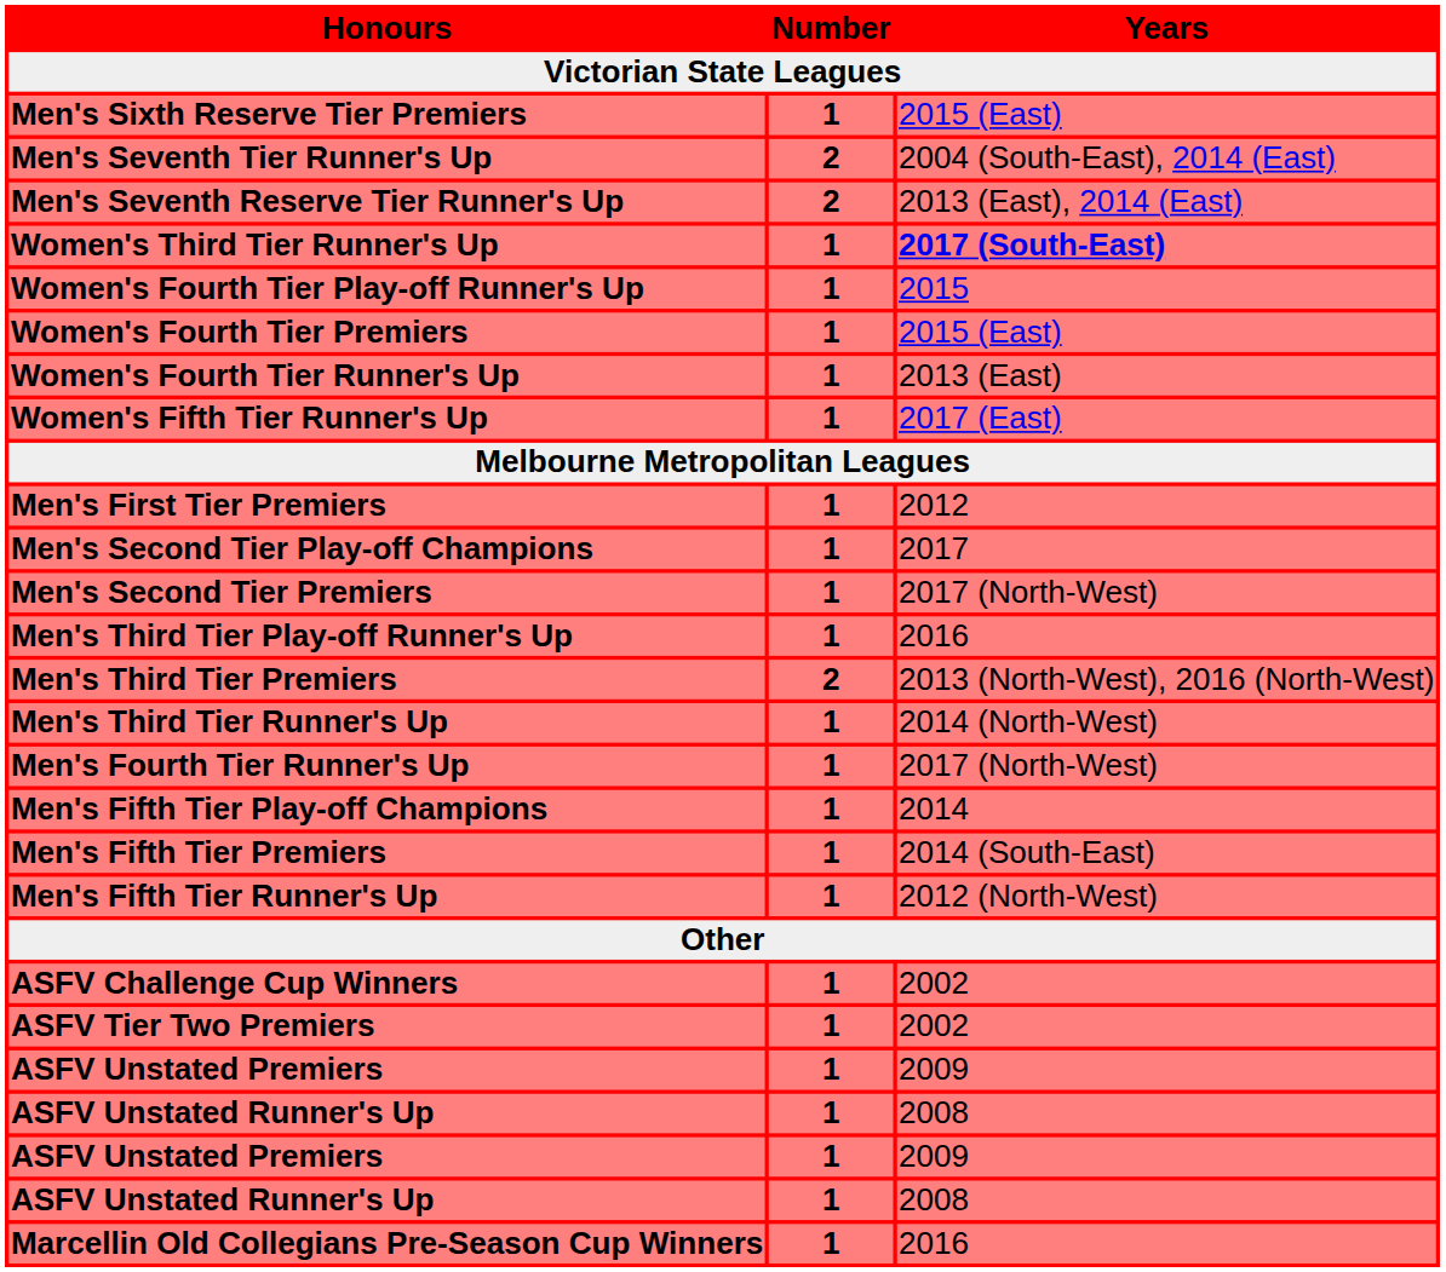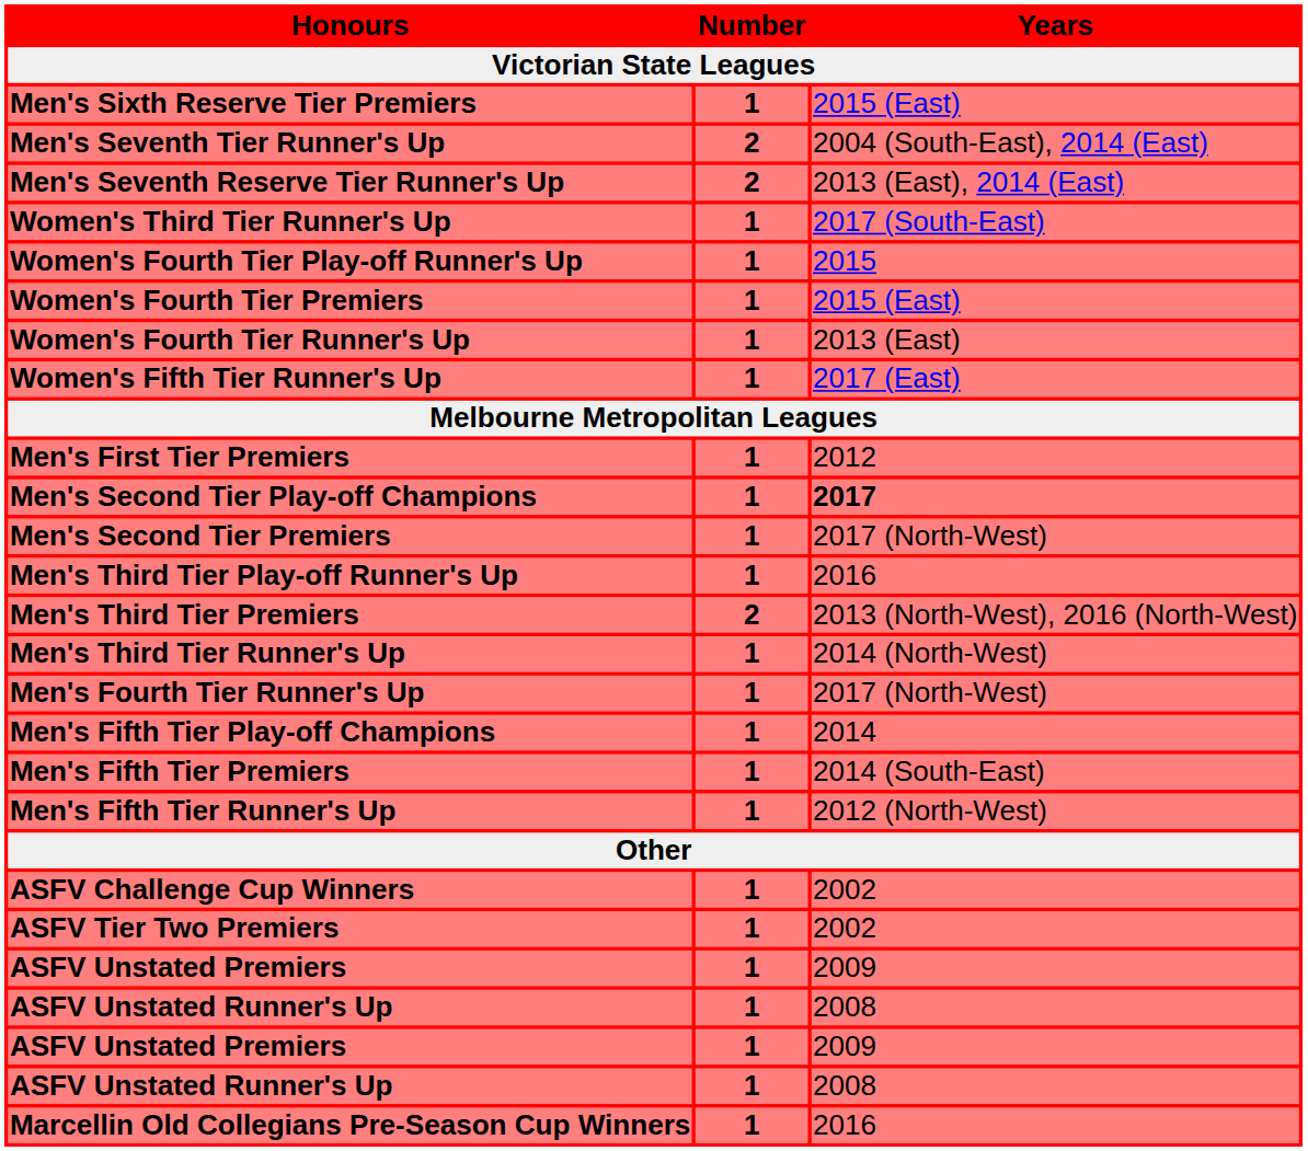 <table - style="background:#FF0000;">
 <tr>
 <th><span>  <strong>Honours</strong></span></th>
 <th><span>   <strong>Number</strong></span></th>
 <th><span> <strong>Years</strong></span></th>
 </tr>
 <tr>
 <th colspan="6" style="background:#efefef;"><strong>Victorian State Leagues</strong></th>
 </tr>
 <tr style="background:#FF7F7F;">
 <td><strong>Men's Sixth Reserve Tier Premiers</strong></td>
 <td align=center><strong>1</strong></td>
 <td><a href='#'>2015 (East)</a></td>
 </tr>
 <tr style="background:#FF7F7F;">
 <td><strong>Men's Seventh Tier Runner's Up</strong></td>
 <td align=center><strong>2</strong></td>
 <td>2004 (South-East), <a href='#'>2014 (East)</a></td>
 </tr>
 <tr style="background:#FF7F7F;">
 <td><strong>Men's Seventh Reserve Tier Runner's Up</strong></td>
 <td align=center><strong>2</strong></td>
 <td>2013 (East), <a href='#'>2014 (East)</a></td>
 </tr>
 <tr style="background:#FF7F7F;">
 <td><strong>Women's Third Tier Runner's Up</strong></td>
 <td align=center><strong>1</strong></td>
-<td><strong><a href='#'>2017 (South-East)</a></strong></td>
+<td><a href='#'>2017 (South-East)</a></td>
 </tr>
 <tr style="background:#FF7F7F;">
 <td><strong>Women's Fourth Tier Play-off Runner's Up</strong></td>
 <td align=center><strong>1</strong></td>
 <td><a href='#'>2015</a></td>
 </tr>
 <tr style="background:#FF7F7F;">
 <td><strong>Women's Fourth Tier Premiers</strong></td>
 <td align=center><strong>1</strong></td>
 <td><a href='#'>2015 (East)</a></td>
 </tr>
 <tr style="background:#FF7F7F;">
 <td><strong>Women's Fourth Tier Runner's Up</strong></td>
 <td align=center><strong>1</strong></td>
 <td>2013 (East)</td>
 </tr>
 <tr style="background:#FF7F7F;">
 <td><strong>Women's Fifth Tier Runner's Up</strong></td>
 <td align=center><strong>1</strong></td>
 <td><a href='#'>2017 (East)</a></td>
 </tr>
 <tr>
 <th colspan="6" style="background:#efefef;"><strong>Melbourne Metropolitan Leagues</strong></th>
 </tr>
 <tr style="background:#FF7F7F;">
 <td><strong>Men's First Tier Premiers</strong></td>
 <td align=center><strong>1</strong></td>
 <td>2012</td>
 </tr>
 <tr style="background:#FF7F7F;">
 <td><strong>Men's Second Tier Play-off Champions</strong></td>
 <td align=center><strong>1</strong></td>
-<td>2017</td>
+<td><strong>2017</strong></td>
 </tr>
 <tr style="background:#FF7F7F;">
 <td><strong>Men's Second Tier Premiers</strong></td>
 <td align=center><strong>1</strong></td>
 <td>2017 (North-West)</td>
 </tr>
 <tr style="background:#FF7F7F;">
 <td><strong>Men's Third Tier Play-off Runner's Up</strong></td>
 <td align=center><strong>1</strong></td>
 <td>2016</td>
 </tr>
 <tr style="background:#FF7F7F;">
 <td><strong>Men's Third Tier Premiers</strong></td>
 <td align=center><strong>2</strong></td>
 <td>2013 (North-West), 2016 (North-West)</td>
 </tr>
 <tr style="background:#FF7F7F;">
 <td><strong>Men's Third Tier Runner's Up</strong></td>
 <td align=center><strong>1</strong></td>
 <td>2014 (North-West)</td>
 </tr>
 <tr style="background:#FF7F7F;">
 <td><strong>Men's Fourth Tier Runner's Up</strong></td>
 <td align=center><strong>1</strong></td>
 <td>2017 (North-West)</td>
 </tr>
 <tr style="background:#FF7F7F;">
 <td><strong>Men's Fifth Tier Play-off Champions</strong></td>
 <td align=center><strong>1</strong></td>
 <td>2014</td>
 </tr>
 <tr style="background:#FF7F7F;">
 <td><strong>Men's Fifth Tier Premiers</strong></td>
 <td align=center><strong>1</strong></td>
 <td>2014 (South-East)</td>
 </tr>
 <tr style="background:#FF7F7F;">
 <td><strong>Men's Fifth Tier Runner's Up</strong></td>
 <td align=center><strong>1</strong></td>
 <td>2012 (North-West)</td>
 </tr>
 <tr>
 <th colspan="6" style="background:#efefef;"><strong>Other</strong></th>
 </tr>
 <tr style="background:#FF7F7F;">
 <td><strong>ASFV Challenge Cup Winners</strong></td>
 <td align=center><strong>1</strong></td>
 <td>2002</td>
 </tr>
 <tr style="background:#FF7F7F;">
 <td><strong>ASFV Tier Two Premiers</strong></td>
 <td align=center><strong>1</strong></td>
 <td>2002</td>
 </tr>
 <tr style="background:#FF7F7F;">
 <td><strong>ASFV Unstated Premiers</strong></td>
 <td align=center><strong>1</strong></td>
 <td>2009</td>
 </tr>
 <tr style="background:#FF7F7F;">
 <td><strong>ASFV Unstated Runner's Up</strong></td>
 <td align=center><strong>1</strong></td>
 <td>2008</td>
 </tr>
 <tr style="background:#FF7F7F;">
 <td><strong>ASFV Unstated Premiers</strong></td>
 <td align=center><strong>1</strong></td>
 <td>2009</td>
 </tr>
 <tr style="background:#FF7F7F;">
 <td><strong>ASFV Unstated Runner's Up</strong></td>
 <td align=center><strong>1</strong></td>
 <td>2008</td>
 </tr>
 <tr style="background:#FF7F7F;">
 <td><strong>Marcellin Old Collegians Pre-Season Cup Winners</strong></td>
 <td align=center><strong>1</strong></td>
 <td>2016</td>
 </tr>
 </table>
